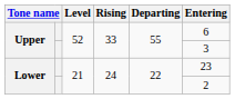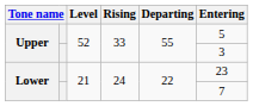 <table class="wikitable" style="text-align: center">
 <tr>
 <th colspan="2"><a href='#'>Tone name</a></th>
 <th>Level<br> </th>
 <th>Rising<br> </th>
 <th>Departing<br> </th>
 <th>Entering<br> </th>
 </tr>
 <tr>
 <th rowspan="2">Upper<br> </th>
 <th></th>
 <td rowspan="2">52 </td>
 <td rowspan="2">33 </td>
 <td rowspan="2">55 </td>
-<td>6 </td>
+<td>5 </td>
 </tr>
 <tr>
 <th></th>
 <td>3 </td>
 </tr>
 <tr>
 <th rowspan="2">Lower<br> </th>
 <th></th>
 <td rowspan="2">21 </td>
 <td rowspan="2">24 </td>
 <td rowspan="2">22 </td>
 <td>23 </td>
 </tr>
 <tr>
 <th></th>
-<td>2 </td>
+<td>7 </td>
 </tr>
 </table>
